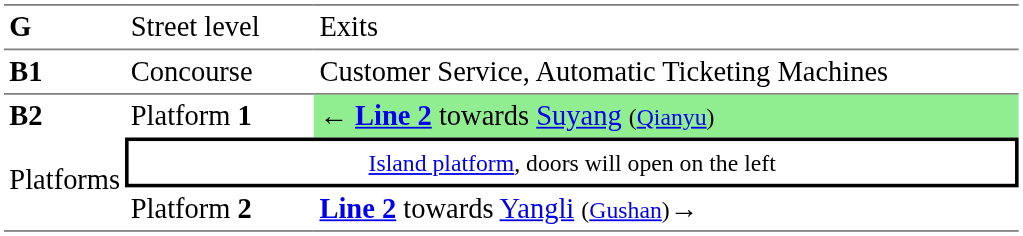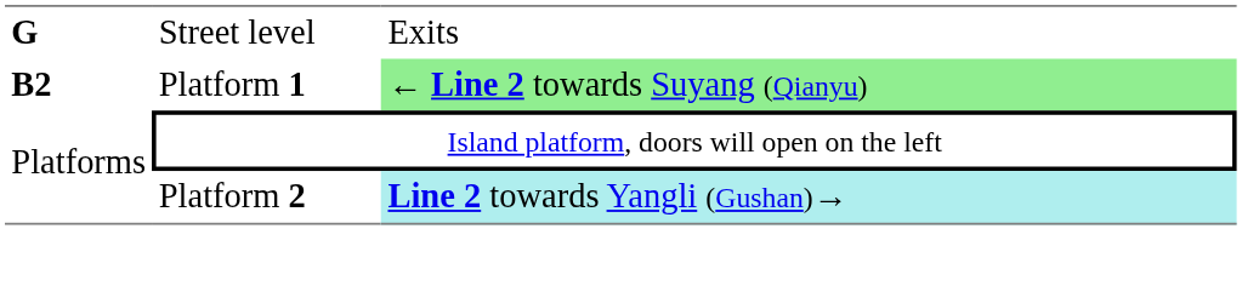 <table border="0" cellspacing="0" cellpadding="3">
 <tr>
 <td style="border-top:solid 1px gray;" width="50" valign="top"><strong>G</strong></td>
 <td style="border-top:solid 1px gray;" width="100" valign="top">Street level</td>
 <td style="border-top:solid 1px gray;" width="390" valign="top">Exits</td>
-</tr>
-<tr>
-<td style="border-bottom:solid 1px gray; border-top:solid 1px gray;" valign="top" width="50"><strong>B1<br></strong></td>
-<td style="border-bottom:solid 1px gray; border-top:solid 1px gray;" valign="top" width="100">Concourse</td>
-<td style="border-bottom:solid 1px gray; border-top:solid 1px gray;" valign="top" width="390">Customer Service, Automatic Ticketing Machines</td>
 </tr>
 <tr>
 <td rowspan="3" style="border-bottom:solid 1px gray;" valign="top"><strong>B2<br></strong><br>Platforms</td>
 <td>Platform <strong>1</strong></td>
 <td style="background: lightgreen;">← <a href='#'><span><span><strong>Line 2</strong></span></span></a> towards <a href='#'>Suyang</a> <small>(<a href='#'>Qianyu</a>)</small></td>
 </tr>
 <tr>
 <td colspan="2" style="border-right:solid 2px black;border-left:solid 2px black;border-top:solid 2px black;border-bottom:solid 2px black;text-align:center;"><small><a href='#'>Island platform</a>, doors will open on the left</small></td>
 </tr>
 <tr>
 <td style="border-bottom:solid 1px gray;">Platform <strong>2</strong></td>
-<td style="border-bottom:solid 1px gray;"> <a href='#'><span><span><strong>Line 2</strong></span></span></a>  towards <a href='#'>Yangli</a> <small>(<a href='#'>Gushan</a>)</small>→</td>
+<td style="background: paleturquoise; border-bottom:solid 1px gray;"> <a href='#'><span><span><strong>Line 2</strong></span></span></a>  towards <a href='#'>Yangli</a> <small>(<a href='#'>Gushan</a>)</small>→</td>
 </tr>
 <tr>
 </tr>
 </table>
